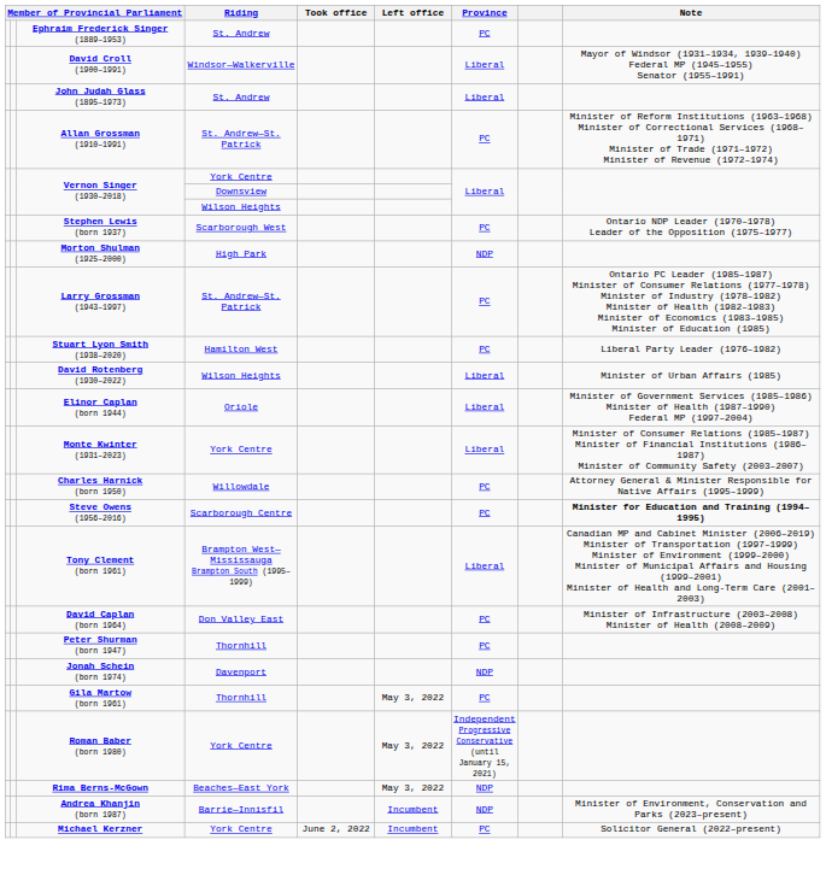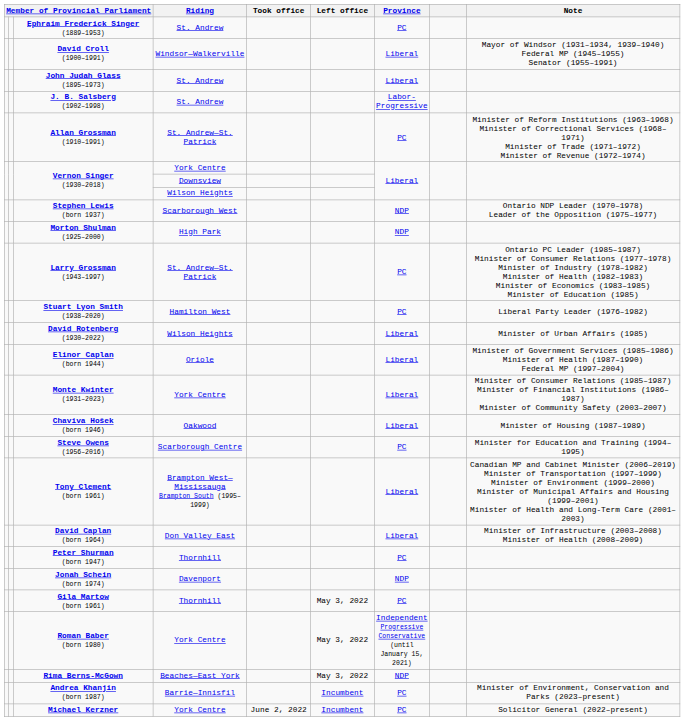 <table class="wikitable sortable plainrowheaders" style="text-align:center">
 <tr>
 <th colspan="3" class=unsortable><a href='#'>Member of Provincial Parliament</a></th>
 <th scope="col" width=150px><a href='#'>Riding</a></th>
 <th scope="col" width=100px>Took office</th>
 <th scope="col" width=100px>Left office</th>
 <th scope="col" width=70px><a href='#'>Province</a></th>
 <th scope="col" class=unsortable width=55px></th>
 <th scope="col" class=unsortable width=350px>Note</th>
 </tr>
 <tr>
 <td style="background:"></td>
 <td></td>
 <td><strong><a href='#'>Ephraim Frederick Singer</a></strong><br><small>(1889–1953)</small></td>
 <td><a href='#'>St. Andrew</a></td>
 <td></td>
 <td></td>
 <td><a href='#'>PC</a></td>
 <td></td>
 <td></td>
 </tr>
 <tr>
 <td style="background:"></td>
 <td></td>
 <td><strong><a href='#'>David Croll</a></strong><br><small>(1900–1991)</small></td>
 <td><a href='#'>Windsor—Walkerville</a></td>
 <td></td>
 <td></td>
 <td><a href='#'>Liberal</a></td>
 <td></td>
 <td>Mayor of Windsor (1931–1934, 1939–1940)<br>Federal MP (1945–1955)<br>Senator (1955–1991)</td>
 </tr>
 <tr>
 <td style="background:"></td>
 <td></td>
 <td><strong><a href='#'>John Judah Glass</a></strong><br><small>(1895–1973)</small></td>
 <td><a href='#'>St. Andrew</a></td>
 <td></td>
 <td></td>
 <td><a href='#'>Liberal</a></td>
 <td></td>
 <td></td>
 </tr>
 <tr>
 <td style="background:"></td>
 <td></td>
+<td><strong><a href='#'>J. B. Salsberg</a></strong><br><small>(1902–1998)</small></td>
+<td><a href='#'>St. Andrew</a></td>
+<td></td>
+<td></td>
+<td><a href='#'>Labor-Progressive</a></td>
+<td></td>
+<td></td>
+</tr>
+<tr>
+<td style="background:"></td>
+<td></td>
 <td><strong><a href='#'>Allan Grossman</a></strong><br><small>(1910–1991)</small></td>
 <td><a href='#'>St. Andrew—St. Patrick</a></td>
 <td></td>
 <td></td>
 <td><a href='#'>PC</a></td>
 <td></td>
 <td>Minister of Reform Institutions (1963–1968)<br>Minister of Correctional Services (1968–1971)<br>Minister of Trade (1971–1972)<br>Minister of Revenue (1972–1974)</td>
 </tr>
 <tr>
 <td rowspan="3" style="background:"></td>
 <td rowspan="3"></td>
 <td rowspan="3"><strong><a href='#'>Vernon Singer</a></strong><br><small>(1930–2018)</small></td>
 <td><a href='#'>York Centre</a></td>
 <td></td>
 <td></td>
 <td rowspan="3"><a href='#'>Liberal</a></td>
 <td rowspan="3"></td>
 <td rowspan="3"></td>
 </tr>
 <tr>
 <td><a href='#'>Downsview</a></td>
 <td></td>
 <td></td>
 </tr>
 <tr>
 <td><a href='#'>Wilson Heights</a></td>
 <td></td>
 <td></td>
 </tr>
 <tr>
 <td style="background:"></td>
 <td></td>
 <td><strong><a href='#'>Stephen Lewis</a></strong><br><small>(born 1937)</small></td>
 <td><a href='#'>Scarborough West</a></td>
 <td></td>
 <td></td>
-<td><a href='#'>PC</a></td>
+<td><a href='#'>NDP</a></td>
 <td></td>
 <td>Ontario NDP Leader (1970–1978)<br>Leader of the Opposition (1975–1977)</td>
 </tr>
 <tr>
 <td style="background:"></td>
 <td></td>
 <td><strong><a href='#'>Morton Shulman</a></strong><br><small>(1925–2000)</small></td>
 <td><a href='#'>High Park</a></td>
 <td></td>
 <td></td>
 <td><a href='#'>NDP</a></td>
 <td></td>
 <td></td>
 </tr>
 <tr>
 <td style="background:"></td>
 <td></td>
 <td><strong><a href='#'>Larry Grossman</a></strong><br><small>(1943–1997)</small></td>
 <td><a href='#'>St. Andrew—St. Patrick</a></td>
 <td></td>
 <td></td>
 <td><a href='#'>PC</a></td>
 <td></td>
 <td>Ontario PC Leader (1985–1987)<br>Minister of Consumer Relations (1977–1978)<br>Minister of Industry (1978–1982)<br>Minister of Health (1982–1983)<br>Minister of Economics (1983–1985)<br>Minister of Education (1985)</td>
 </tr>
 <tr>
 <td style="background:"></td>
 <td></td>
 <td><strong><a href='#'>Stuart Lyon Smith</a></strong><br><small>(1938–2020)</small></td>
 <td><a href='#'>Hamilton West</a></td>
 <td></td>
 <td></td>
 <td><a href='#'>PC</a></td>
 <td></td>
 <td>Liberal Party Leader (1976–1982)</td>
 </tr>
 <tr>
 <td style="background:"></td>
 <td></td>
 <td><strong><a href='#'>David Rotenberg</a></strong><br><small>(1930–2022)</small></td>
 <td><a href='#'>Wilson Heights</a></td>
 <td></td>
 <td></td>
 <td><a href='#'>Liberal</a></td>
 <td></td>
 <td>Minister of Urban Affairs (1985)</td>
 </tr>
 <tr>
 <td style="background:"></td>
 <td></td>
 <td><strong><a href='#'>Elinor Caplan</a></strong><br><small>(born 1944)</small></td>
 <td><a href='#'>Oriole</a></td>
 <td></td>
 <td></td>
 <td><a href='#'>Liberal</a></td>
 <td></td>
 <td>Minister of Government Services (1985–1986)<br>Minister of Health (1987–1990)<br>Federal MP (1997–2004)</td>
 </tr>
 <tr>
 <td style="background:"></td>
 <td></td>
 <td><strong><a href='#'>Monte Kwinter</a></strong><br><small>(1931–2023)</small></td>
 <td><a href='#'>York Centre</a></td>
 <td></td>
 <td></td>
 <td><a href='#'>Liberal</a></td>
 <td></td>
 <td>Minister of Consumer Relations (1985–1987)<br>Minister of Financial Institutions (1986–1987)<br>Minister of Community Safety (2003–2007)</td>
 </tr>
 <tr>
 <td style="background:"></td>
 <td></td>
-<td><strong><a href='#'>Charles Harnick</a></strong><br><small>(born 1950)</small></td>
-<td><a href='#'>Willowdale</a></td>
+<td><strong><a href='#'>Chaviva Hošek</a></strong><br><small>(born 1946)</small></td>
+<td><a href='#'>Oakwood</a></td>
 <td></td>
 <td></td>
-<td><a href='#'>PC</a></td>
+<td><a href='#'>Liberal</a></td>
 <td></td>
-<td>Attorney General & Minister Responsible for Native Affairs (1995–1999)</td>
+<td>Minister of Housing (1987–1989)</td>
 </tr>
 <tr>
 <td style="background:"></td>
 <td></td>
 <td><strong><a href='#'>Steve Owens</a></strong><br><small>(1956–2016)</small></td>
 <td><a href='#'>Scarborough Centre</a></td>
 <td></td>
 <td></td>
 <td><a href='#'>PC</a></td>
 <td></td>
-<td><strong>Minister for Education and Training (1994–1995)</strong></td>
+<td>Minister for Education and Training (1994–1995)</td>
 </tr>
 <tr>
 <td style="background:"></td>
 <td></td>
 <td><strong><a href='#'>Tony Clement</a></strong><br><small>(born 1961)</small></td>
 <td><a href='#'>Brampton West—Mississauga</a><br><small><a href='#'>Brampton South</a> (1995–1999)</small></td>
 <td></td>
 <td></td>
 <td><a href='#'>Liberal</a></td>
 <td></td>
 <td>Canadian MP and Cabinet Minister (2006–2019)<br>Minister of Transportation (1997–1999)<br>Minister of Environment (1999–2000)<br>Minister of Municipal Affairs and Housing (1999–2001)<br>Minister of Health and Long-Term Care (2001–2003)</td>
 </tr>
 <tr>
 <td style="background:"></td>
 <td></td>
 <td><strong><a href='#'>David Caplan</a></strong><br><small>(born 1964)</small></td>
 <td><a href='#'>Don Valley East</a></td>
 <td></td>
 <td></td>
-<td><a href='#'>PC</a></td>
+<td><a href='#'>Liberal</a></td>
 <td></td>
 <td>Minister of Infrastructure (2003–2008)<br>Minister of Health (2008–2009)</td>
 </tr>
 <tr>
 <td style="background:"></td>
 <td></td>
 <td><strong><a href='#'>Peter Shurman</a></strong><br><small>(born 1947)</small></td>
 <td><a href='#'>Thornhill</a></td>
 <td></td>
 <td></td>
 <td><a href='#'>PC</a></td>
 <td></td>
 <td></td>
 </tr>
 <tr>
 <td style="background:"></td>
 <td></td>
 <td><strong><a href='#'>Jonah Schein</a></strong><br><small>(born 1974)</small></td>
 <td><a href='#'>Davenport</a></td>
 <td></td>
 <td></td>
 <td><a href='#'>NDP</a></td>
 <td></td>
 <td></td>
 </tr>
 <tr>
 <td style="background:"></td>
 <td></td>
 <td><strong><a href='#'>Gila Martow</a></strong><br><small>(born 1961)</small></td>
 <td><a href='#'>Thornhill</a></td>
 <td></td>
 <td>May 3, 2022</td>
 <td><a href='#'>PC</a></td>
 <td></td>
 <td></td>
 </tr>
 <tr>
 <td style="background:"></td>
 <td></td>
 <td><strong><a href='#'>Roman Baber</a></strong><br><small>(born 1980)</small></td>
 <td><a href='#'>York Centre</a></td>
 <td></td>
 <td>May 3, 2022</td>
 <td><a href='#'>Independent</a><br><small><a href='#'>Progressive Conservative</a> (until January 15, 2021)</small></td>
 <td></td>
 <td></td>
 </tr>
 <tr>
 <td style="background:"></td>
 <td></td>
 <td><strong><a href='#'>Rima Berns-McGown</a></strong></td>
 <td><a href='#'>Beaches—East York</a></td>
 <td></td>
 <td>May 3, 2022</td>
 <td><a href='#'>NDP</a></td>
 <td></td>
 <td></td>
 </tr>
 <tr>
 <td style="background:"></td>
 <td></td>
 <td><strong><a href='#'>Andrea Khanjin</a></strong><br><small>(born 1987)</small></td>
 <td><a href='#'>Barrie—Innisfil</a></td>
 <td></td>
 <td><a href='#'>Incumbent</a></td>
-<td><a href='#'>NDP</a></td>
+<td><a href='#'>PC</a></td>
 <td></td>
 <td>Minister of Environment, Conservation and Parks (2023–present)</td>
 </tr>
 <tr>
 <td style="background:"></td>
 <td></td>
 <td><strong><a href='#'>Michael Kerzner</a></strong></td>
 <td><a href='#'>York Centre</a></td>
 <td>June 2, 2022</td>
 <td><a href='#'>Incumbent</a></td>
 <td><a href='#'>PC</a></td>
 <td></td>
 <td>Solicitor General (2022–present)</td>
 </tr>
 </table>
